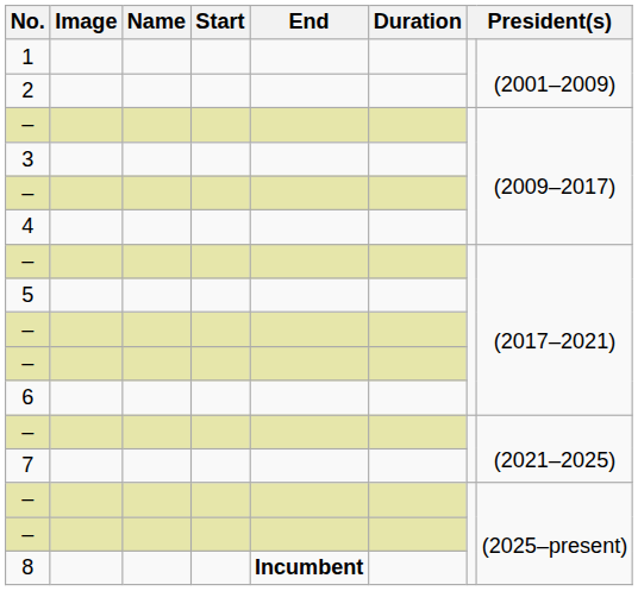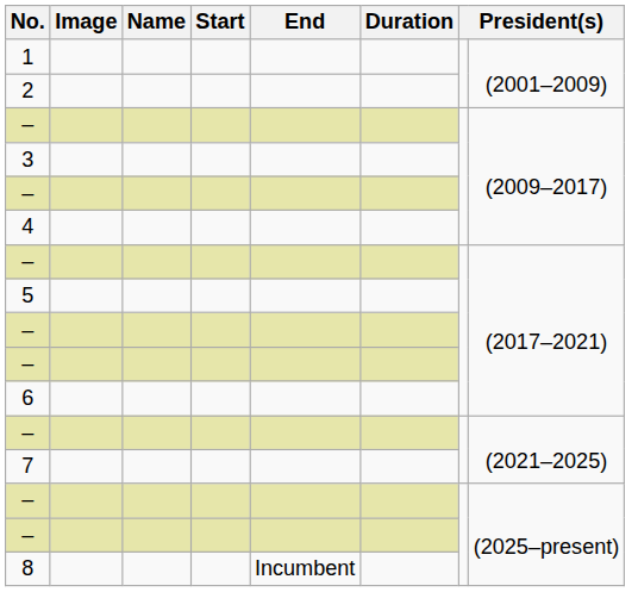 <table class="wikitable sortable" style="text-align:center">
 <tr>
 <th>No.</th>
 <th class=unsortable>Image</th>
 <th>Name</th>
 <th>Start</th>
 <th>End</th>
 <th>Duration</th>
 <th colspan=2>President(s)</th>
 </tr>
 <tr>
 <td>1</td>
 <td></td>
 <td></td>
 <td></td>
 <td></td>
 <td></td>
 <td rowspan=2 style="background: "></td>
 <td rowspan=2><br>(2001–2009)</td>
 </tr>
 <tr>
 <td>2</td>
 <td></td>
 <td></td>
 <td></td>
 <td></td>
 <td></td>
 </tr>
 <tr>
 <td style="background:#e6e6aa;">–</td>
 <td style="background:#e6e6aa;"></td>
 <td style="background:#e6e6aa;"><br></td>
 <td style="background:#e6e6aa;"></td>
 <td style="background:#e6e6aa;"></td>
 <td style="background:#e6e6aa;"></td>
 <td rowspan=4 style="background:"></td>
 <td rowspan=4><br>(2009–2017)</td>
 </tr>
 <tr>
 <td>3</td>
 <td></td>
 <td></td>
 <td></td>
 <td></td>
 <td></td>
 </tr>
 <tr style="background:#e6e6aa;">
 <td>–</td>
 <td></td>
 <td><br></td>
 <td></td>
 <td></td>
 <td></td>
 </tr>
 <tr>
 <td>4</td>
 <td></td>
 <td></td>
 <td></td>
 <td></td>
 <td></td>
 </tr>
 <tr>
 <td style="background:#e6e6aa;">–</td>
 <td style="background:#e6e6aa;"></td>
 <td style="background:#e6e6aa;"><br></td>
 <td style="background:#e6e6aa;"></td>
 <td style="background:#e6e6aa;"></td>
 <td style="background:#e6e6aa;"></td>
 <td rowspan=5 style="background: "></td>
 <td rowspan=5><br>(2017–2021)</td>
 </tr>
 <tr>
 <td>5</td>
 <td></td>
 <td></td>
 <td></td>
 <td></td>
 <td></td>
 </tr>
 <tr style="background:#e6e6aa;">
 <td>–</td>
 <td></td>
 <td><br></td>
 <td></td>
 <td></td>
 <td></td>
 </tr>
 <tr style="background:#e6e6aa;">
 <td>–</td>
 <td></td>
 <td><br></td>
 <td></td>
 <td></td>
 <td></td>
 </tr>
 <tr>
 <td>6</td>
 <td></td>
 <td></td>
 <td></td>
 <td></td>
 <td></td>
 </tr>
 <tr>
 <td style="background:#e6e6aa;">–</td>
 <td style="background:#e6e6aa;"></td>
 <td style="background:#e6e6aa;"><br></td>
 <td style="background:#e6e6aa;"></td>
 <td style="background:#e6e6aa;"></td>
 <td style="background:#e6e6aa;"></td>
 <td rowspan=2 style="background: "></td>
 <td rowspan=2><br>(2021–2025)</td>
 </tr>
 <tr>
 <td>7</td>
 <td></td>
 <td></td>
 <td></td>
 <td></td>
 <td></td>
 </tr>
 <tr>
 <td style="background:#e6e6aa;">–</td>
 <td style="background:#e6e6aa;"></td>
 <td style="background:#e6e6aa;"><br></td>
 <td style="background:#e6e6aa;"></td>
 <td style="background:#e6e6aa;"></td>
 <td style="background:#e6e6aa;"></td>
 <td rowspan=3 style="background: "></td>
 <td rowspan="3"><br>(2025–present)</td>
 </tr>
 <tr>
 <td style="background:#e6e6aa;">–</td>
 <td style="background:#e6e6aa;"></td>
 <td style="background:#e6e6aa;"><br></td>
 <td style="background:#e6e6aa;"></td>
 <td style="background:#e6e6aa;"></td>
 <td style="background:#e6e6aa;"></td>
 </tr>
 <tr>
 <td>8</td>
 <td></td>
 <td></td>
 <td></td>
-<td><strong>Incumbent</strong></td>
+<td>Incumbent</td>
 <td></td>
 </tr>
 </table>
